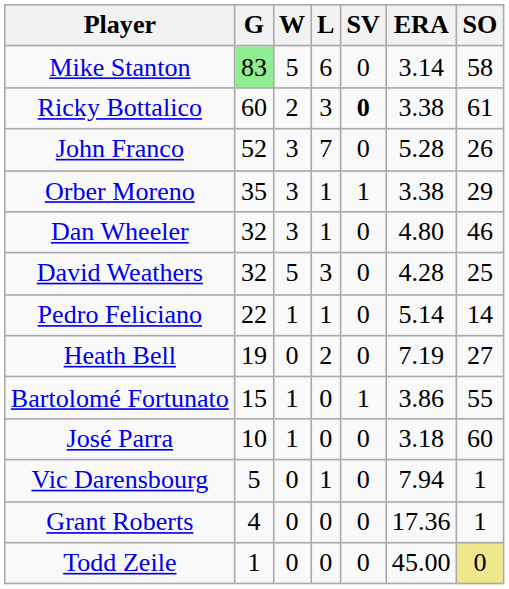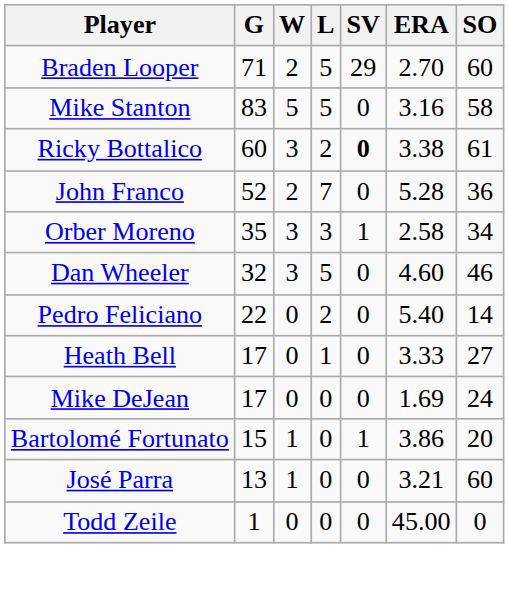 <table class="wikitable sortable">
 <tr>
 <th>Player</th>
 <th>G</th>
 <th>W</th>
 <th>L</th>
 <th>SV</th>
 <th>ERA</th>
 <th>SO</th>
 </tr>
 <tr align=center>
+<td><a href='#'>Braden Looper</a></td>
+<td>71</td>
+<td>2</td>
+<td>5</td>
+<td>29</td>
+<td>2.70</td>
+<td>60</td>
+</tr>
+<tr align=center>
 <td><a href='#'>Mike Stanton</a></td>
-<td style="background: lightgreen;">83</td>
+<td>83</td>
 <td>5</td>
-<td>6</td>
+<td>5</td>
 <td>0</td>
-<td>3.14</td>
+<td>3.16</td>
 <td>58</td>
 </tr>
 <tr align=center>
 <td><a href='#'>Ricky Bottalico</a></td>
 <td>60</td>
+<td>3</td>
 <td>2</td>
-<td>3</td>
 <td><strong>0</strong></td>
 <td>3.38</td>
 <td>61</td>
 </tr>
 <tr align=center>
 <td><a href='#'>John Franco</a></td>
 <td>52</td>
-<td>3</td>
+<td>2</td>
 <td>7</td>
 <td>0</td>
 <td>5.28</td>
-<td>26</td>
+<td>36</td>
 </tr>
 <tr align=center>
 <td><a href='#'>Orber Moreno</a></td>
 <td>35</td>
 <td>3</td>
+<td>3</td>
 <td>1</td>
-<td>1</td>
-<td>3.38</td>
-<td>29</td>
+<td>2.58</td>
+<td>34</td>
 </tr>
 <tr align=center>
 <td><a href='#'>Dan Wheeler</a></td>
 <td>32</td>
 <td>3</td>
-<td>1</td>
+<td>5</td>
 <td>0</td>
-<td>4.80</td>
+<td>4.60</td>
 <td>46</td>
-</tr>
-<tr align=center>
-<td><a href='#'>David Weathers</a></td>
-<td>32</td>
-<td>5</td>
-<td>3</td>
-<td>0</td>
-<td>4.28</td>
-<td>25</td>
 </tr>
 <tr align=center>
 <td><a href='#'>Pedro Feliciano</a></td>
 <td>22</td>
-<td>1</td>
-<td>1</td>
 <td>0</td>
-<td>5.14</td>
+<td>2</td>
+<td>0</td>
+<td>5.40</td>
 <td>14</td>
 </tr>
 <tr align=center>
 <td><a href='#'>Heath Bell</a></td>
-<td>19</td>
+<td>17</td>
 <td>0</td>
-<td>2</td>
+<td>1</td>
 <td>0</td>
-<td>7.19</td>
+<td>3.33</td>
 <td>27</td>
+</tr>
+<tr align=center>
+<td><a href='#'>Mike DeJean</a></td>
+<td>17</td>
+<td>0</td>
+<td>0</td>
+<td>0</td>
+<td>1.69</td>
+<td>24</td>
 </tr>
 <tr align=center>
 <td><a href='#'>Bartolomé Fortunato</a></td>
 <td>15</td>
 <td>1</td>
 <td>0</td>
 <td>1</td>
 <td>3.86</td>
-<td>55</td>
+<td>20</td>
 </tr>
 <tr align=center>
 <td><a href='#'>José Parra</a></td>
-<td>10</td>
+<td>13</td>
 <td>1</td>
 <td>0</td>
 <td>0</td>
-<td>3.18</td>
+<td>3.21</td>
 <td>60</td>
-</tr>
-<tr align=center>
-<td><a href='#'>Vic Darensbourg</a></td>
-<td>5</td>
-<td>0</td>
-<td>1</td>
-<td>0</td>
-<td>7.94</td>
-<td>1</td>
-</tr>
-<tr align=center>
-<td><a href='#'>Grant Roberts</a></td>
-<td>4</td>
-<td>0</td>
-<td>0</td>
-<td>0</td>
-<td>17.36</td>
-<td>1</td>
 </tr>
 <tr align=center>
 <td><a href='#'>Todd Zeile</a></td>
 <td>1</td>
 <td>0</td>
 <td>0</td>
 <td>0</td>
 <td>45.00</td>
-<td style="background: khaki;">0</td>
+<td>0</td>
 </tr>
 </table>
